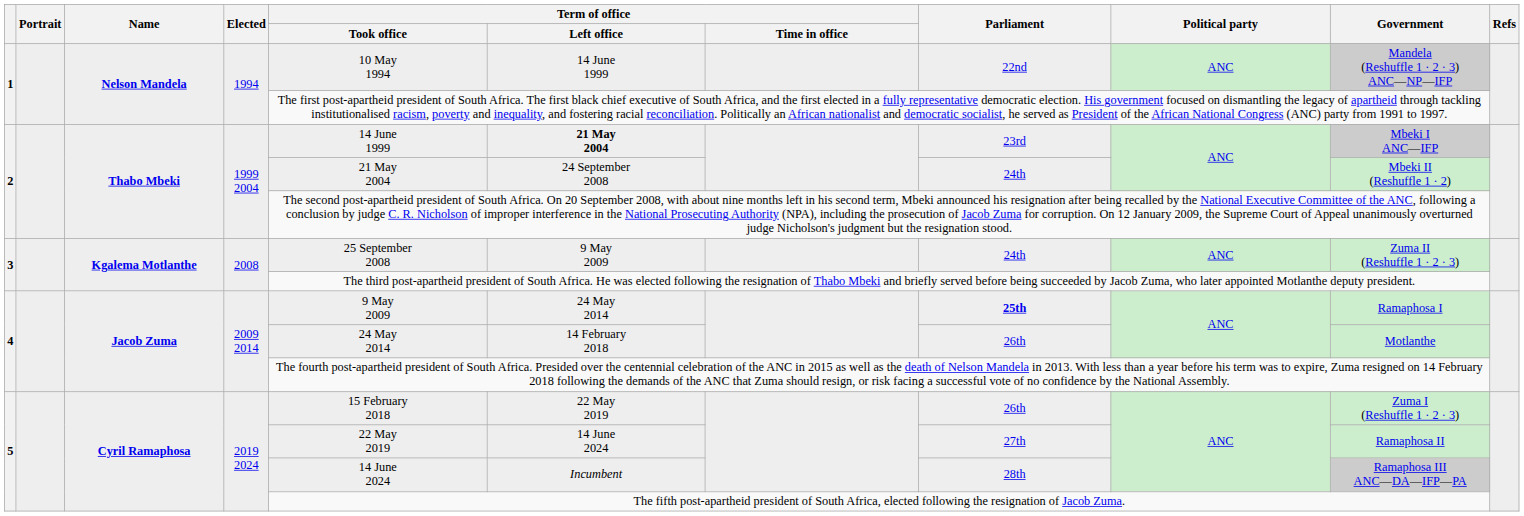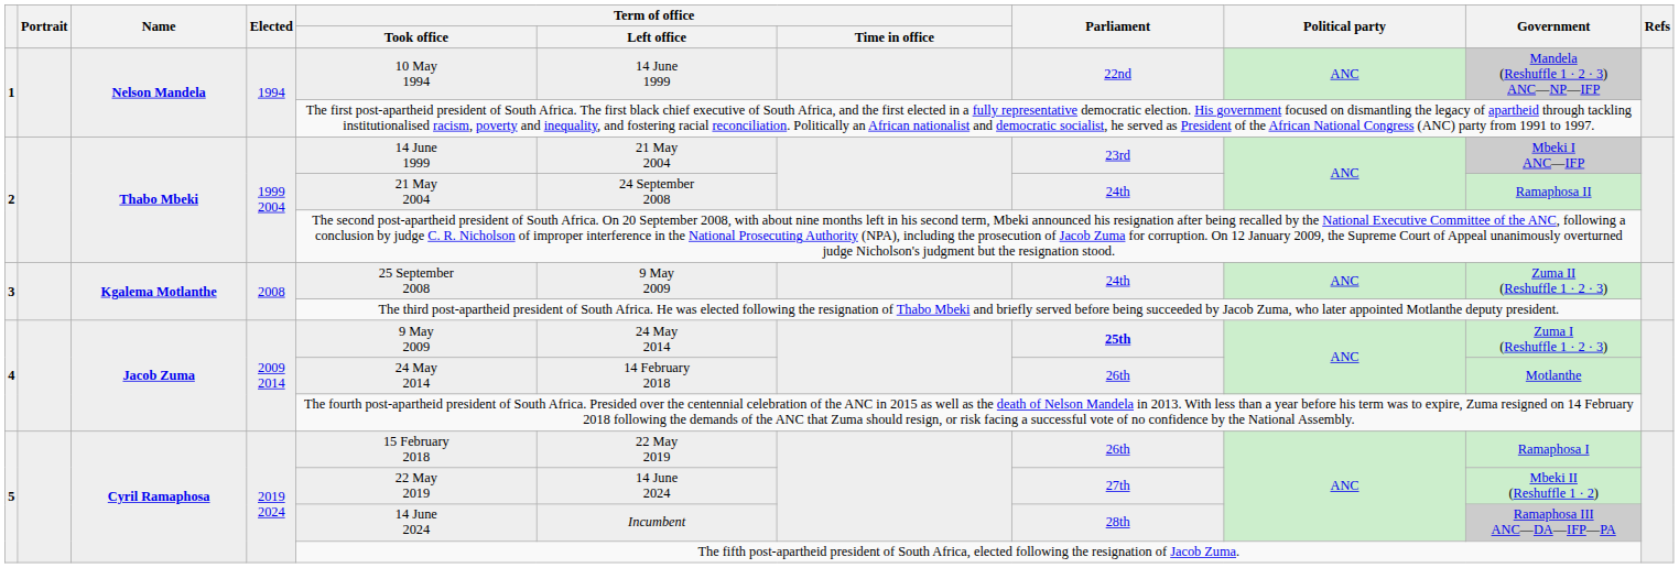 <table class="wikitable" style="font-size:100%;text-align:center">
 <tr>
 <th rowspan="2"></th>
 <th rowspan="2">Portrait</th>
 <th rowspan="2" width="200px">Name<br></th>
 <th rowspan="2">Elected</th>
 <th colspan="3" width="300px">Term of office</th>
 <th rowspan="2">Parliament</th>
 <th rowspan="2">Political party</th>
 <th rowspan="2" width="200px">Government</th>
 <th rowspan="2">Refs</th>
 </tr>
 <tr>
 <th>Took office</th>
 <th>Left office</th>
 <th>Time in office</th>
 </tr>
 <tr bgcolor=#EEEEEE>
 <th rowspan="2" style="background:">1</th>
 <td rowspan="2"></td>
 <td rowspan="2"><strong><a href='#'>Nelson Mandela</a></strong><br></td>
 <td rowspan="2"><a href='#'>1994</a></td>
 <td>10 May<br>1994</td>
 <td>14 June<br>1999</td>
 <td></td>
 <td><a href='#'>22nd</a></td>
 <td bgcolor="#cec"><a href='#'>ANC</a></td>
 <td bgcolor="#ccc"><a href='#'>Mandela</a><br>(<a href='#'>Reshuffle 1 · 2 · 3</a>)<br><a href='#'>ANC</a>—<a href='#'>NP</a>—<a href='#'>IFP</a></td>
 <td rowspan="2"></td>
 </tr>
 <tr>
 <td colspan="6">The first post-apartheid president of South Africa. The first black chief executive of South Africa, and the first elected in a <a href='#'>fully representative</a> democratic election. <a href='#'>His government</a> focused on dismantling the legacy of <a href='#'>apartheid</a> through tackling institutionalised <a href='#'>racism</a>, <a href='#'>poverty</a> and <a href='#'>inequality</a>, and fostering racial <a href='#'>reconciliation</a>. Politically an <a href='#'>African nationalist</a> and <a href='#'>democratic socialist</a>, he served as <a href='#'>President</a> of the <a href='#'>African National Congress</a> (ANC) party from 1991 to 1997.</td>
 </tr>
 <tr bgcolor=#EEEEEE>
 <th rowspan="3" style="background:">2</th>
 <td rowspan="3"></td>
 <td rowspan="3"><strong><a href='#'>Thabo Mbeki</a></strong><br></td>
 <td rowspan="3"><a href='#'>1999</a><br><a href='#'>2004</a></td>
 <td>14 June<br>1999</td>
-<td><strong>21 May<br>2004</strong></td>
+<td>21 May<br>2004</td>
 <td rowspan="2"></td>
 <td><a href='#'>23rd</a></td>
 <td rowspan="2" bgcolor="#cec"><a href='#'>ANC</a></td>
 <td rowspan="1" bgcolor="#ccc"><a href='#'>Mbeki I</a><br><a href='#'>ANC</a>—<a href='#'>IFP</a></td>
 <td rowspan="3"><br><br><br><br><br><br></td>
 </tr>
 <tr bgcolor=#EEEEEE>
 <td>21 May<br>2004</td>
 <td>24 September<br>2008</td>
 <td><a href='#'>24th</a></td>
-<td bgcolor="#cec"><a href='#'>Mbeki II</a><br>(<a href='#'>Reshuffle 1 · 2</a>)</td>
+<td bgcolor="#cec"><a href='#'>Ramaphosa II</a></td>
 </tr>
 <tr>
 <td colspan="6">The second post-apartheid president of South Africa. On 20 September 2008, with about nine months left in his second term, Mbeki announced his resignation after being recalled by the <a href='#'>National Executive Committee of the ANC</a>, following a conclusion by judge <a href='#'>C. R. Nicholson</a> of improper interference in the <a href='#'>National Prosecuting Authority</a> (NPA), including the prosecution of <a href='#'>Jacob Zuma</a> for corruption. On 12 January 2009, the Supreme Court of Appeal unanimously overturned judge Nicholson's judgment but the resignation stood.</td>
 </tr>
 <tr bgcolor=#EEEEEE>
 <th rowspan="2" style="background:">3</th>
 <td rowspan="2"></td>
 <td rowspan="2"><strong><a href='#'>Kgalema Motlanthe</a></strong><br></td>
 <td rowspan="2"><a href='#'>2008</a></td>
 <td>25 September<br>2008</td>
 <td>9 May<br>2009</td>
 <td></td>
 <td><a href='#'>24th</a></td>
 <td bgcolor="#cec"><a href='#'>ANC</a></td>
 <td bgcolor="#cec"><a href='#'>Zuma II</a><br>(<a href='#'>Reshuffle 1 · 2 · 3</a>)</td>
 <td rowspan="2"><br></td>
 </tr>
 <tr>
 <td colspan="6">The third post-apartheid president of South Africa. He was elected following the resignation of <a href='#'>Thabo Mbeki</a> and briefly served before being succeeded by Jacob Zuma, who later appointed Motlanthe deputy president.</td>
 </tr>
 <tr bgcolor=#EEEEEE>
 <th rowspan="3" style="background:">4</th>
 <td rowspan="3"></td>
 <td rowspan="3"><strong><a href='#'>Jacob Zuma</a></strong><br></td>
 <td rowspan="3"><a href='#'>2009</a><br><a href='#'>2014</a></td>
 <td>9 May<br>2009</td>
 <td>24 May<br>2014</td>
 <td rowspan="2"></td>
 <td><strong><a href='#'>25th</a></strong></td>
 <td rowspan="2" bgcolor="#cec"><a href='#'>ANC</a></td>
-<td bgcolor="#cec"><a href='#'>Ramaphosa I</a></td>
+<td rowspan="1" bgcolor="#cec"><a href='#'>Zuma I</a><br>(<a href='#'>Reshuffle 1 · 2 · 3</a>)</td>
 <td rowspan="3"></td>
 </tr>
 <tr bgcolor=#EEEEEE>
 <td>24 May<br>2014</td>
 <td>14 February<br>2018</td>
 <td><a href='#'>26th</a></td>
 <td bgcolor="#cec"><a href='#'>Motlanthe</a></td>
 </tr>
 <tr>
 <td colspan="6">The fourth post-apartheid president of South Africa. Presided over the centennial celebration of the ANC in 2015 as well as the <a href='#'>death of Nelson Mandela</a> in 2013. With less than a year before his term was to expire, Zuma resigned on 14 February 2018 following the demands of the ANC that Zuma should resign, or risk facing a successful vote of no confidence by the National Assembly.</td>
 </tr>
 <tr bgcolor=#EEEEEE>
 <th rowspan="4" style="background:">5</th>
 <td rowspan="4"></td>
 <td rowspan="4"><strong><a href='#'>Cyril Ramaphosa</a></strong><br></td>
 <td rowspan="4"><br><a href='#'>2019</a><br><a href='#'>2024</a></td>
 <td>15 February<br>2018</td>
 <td>22 May<br>2019</td>
 <td rowspan="3"></td>
 <td><a href='#'>26th</a></td>
 <td rowspan="3" bgcolor="#cec"><a href='#'>ANC</a></td>
-<td rowspan="1" bgcolor="#cec"><a href='#'>Zuma I</a><br>(<a href='#'>Reshuffle 1 · 2 · 3</a>)</td>
+<td bgcolor="#cec"><a href='#'>Ramaphosa I</a></td>
 <td rowspan="4"></td>
 </tr>
 <tr bgcolor=#EEEEEE>
 <td>22 May<br>2019</td>
 <td>14 June<br>2024</td>
 <td><a href='#'>27th</a></td>
-<td bgcolor="#cec"><a href='#'>Ramaphosa II</a></td>
+<td bgcolor="#cec"><a href='#'>Mbeki II</a><br>(<a href='#'>Reshuffle 1 · 2</a>)</td>
 </tr>
 <tr bgcolor=#EEEEEE>
 <td>14 June<br>2024</td>
 <td><em>Incumbent</em></td>
 <td><a href='#'>28th</a></td>
 <td bgcolor="#ccc"><a href='#'>Ramaphosa III</a><br><a href='#'>ANC</a>—<a href='#'>DA</a>—<a href='#'>IFP</a>—<a href='#'>PA</a></td>
 </tr>
 <tr>
 <td colspan="6">The fifth post-apartheid president of South Africa, elected following the resignation of <a href='#'>Jacob Zuma</a>.</td>
 </tr>
 </table>
